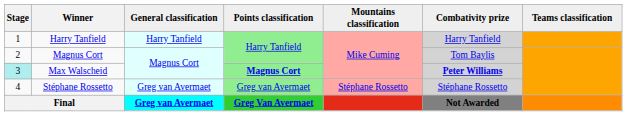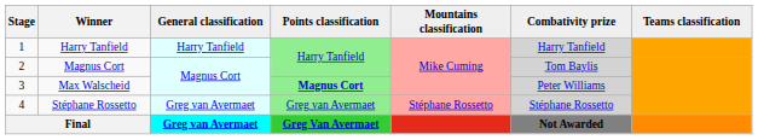 <table class=wikitable style="text-align: center; font-size:smaller;">
 <tr>
 <th style="width:1%;">Stage</th>
 <th style="width:14%;">Winner</th>
 <th style="background:#efefef; width:15%;">General classification<br></th>
 <th style="background:#efefef; width:15%;">Points classification<br></th>
 <th style="background:#efefef; width:15%;">Mountains classification<br></th>
 <th style="background:#efefef; width:15%;">Combativity prize<br></th>
 <th style="background:#efefef; width:15%;">Teams classification</th>
 </tr>
 <tr>
 <td>1</td>
 <td><a href='#'>Harry Tanfield</a></td>
 <td style="background:lightcyan;"><a href='#'>Harry Tanfield</a></td>
 <td style="background:lightgreen;" rowspan=2><a href='#'>Harry Tanfield</a></td>
 <td style="background:#FFA8A4;" rowspan=3><a href='#'>Mike Cuming</a></td>
 <td style="background:lightgray;"><a href='#'>Harry Tanfield</a></td>
 <td style="background:orange;"></td>
 </tr>
 <tr>
 <td>2</td>
 <td><a href='#'>Magnus Cort</a></td>
 <td style="background:lightcyan;" rowspan=2><a href='#'>Magnus Cort</a></td>
 <td style="background:lightgray;"><a href='#'>Tom Baylis</a></td>
 <td style="background:orange;" rowspan=3></td>
 </tr>
 <tr>
-<td style="background: paleturquoise;">3</td>
+<td>3</td>
 <td><a href='#'>Max Walscheid</a></td>
 <td style="background:lightgreen;"><strong><a href='#'>Magnus Cort</a></strong></td>
-<td style="background:lightgray;"><strong><a href='#'>Peter Williams</a></strong></td>
+<td style="background:lightgray;"><a href='#'>Peter Williams</a></td>
 </tr>
 <tr>
 <td>4</td>
 <td><a href='#'>Stéphane Rossetto</a></td>
 <td style="background:lightcyan;"><a href='#'>Greg van Avermaet</a></td>
 <td style="background:lightgreen;"><a href='#'>Greg van Avermaet</a></td>
 <td style="background:#FFA8A4;"><a href='#'>Stéphane Rossetto</a></td>
 <td style="background:lightgray;"><a href='#'>Stéphane Rossetto</a></td>
 </tr>
 <tr>
 <th colspan=2>Final</th>
 <th style="background:cyan;"><a href='#'>Greg van Avermaet</a></th>
 <th style="background:limegreen;"><a href='#'>Greg Van Avermaet</a></th>
 <th style="background:#E42A19;"></th>
 <th style="background:gray;">Not Awarded</th>
 <th style="background:#FF8C00;"></th>
 </tr>
 </table>
